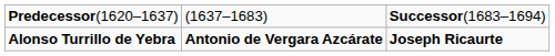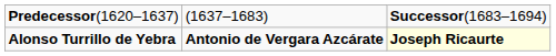 <table class="wikitable">
 <tr>
 <td><strong>Predecessor</strong>(1620–1637)</td>
 <td>(1637–1683)</td>
 <td><strong>Successor</strong>(1683–1694)</td>
 </tr>
 <tr>
 <td><strong>Alonso Turrillo de Yebra</strong></td>
 <td><strong>Antonio de Vergara Azcárate</strong></td>
-<td><strong>Joseph Ricaurte</strong></td>
+<td style="background: lightyellow;"><strong>Joseph Ricaurte</strong></td>
 </tr>
 </table>
